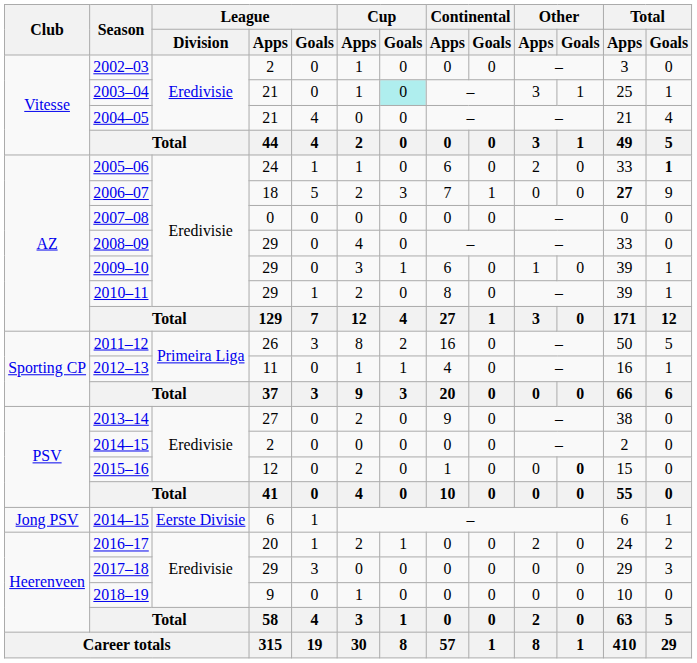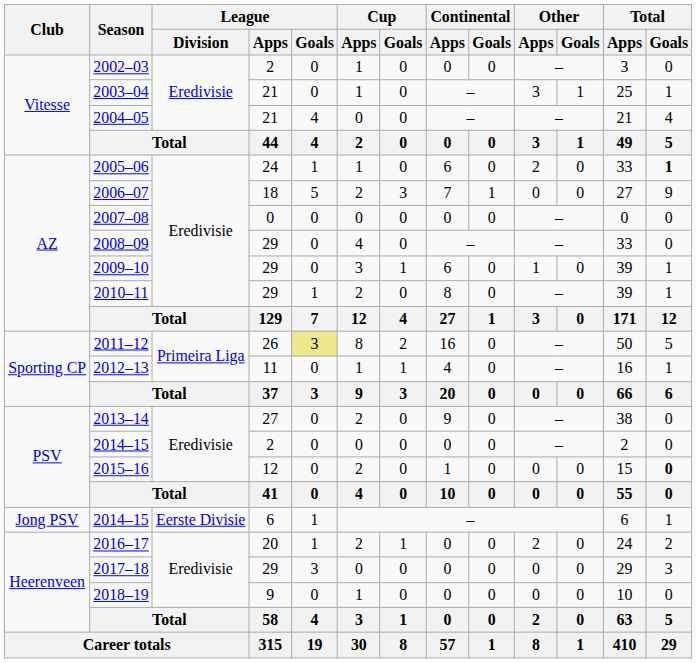 <table class="wikitable" style="text-align: center;">
 <tr>
 <th rowspan="2">Club</th>
 <th rowspan="2">Season</th>
 <th colspan="3">League</th>
 <th colspan="2">Cup</th>
 <th colspan="2">Continental</th>
 <th colspan="2">Other</th>
 <th colspan="2">Total</th>
 </tr>
 <tr>
 <th>Division</th>
 <th>Apps</th>
 <th>Goals</th>
 <th>Apps</th>
 <th>Goals</th>
 <th>Apps</th>
 <th>Goals</th>
 <th>Apps</th>
 <th>Goals</th>
 <th>Apps</th>
 <th>Goals</th>
 </tr>
 <tr>
 <td rowspan="4"><a href='#'>Vitesse</a></td>
 <td><a href='#'>2002–03</a></td>
 <td rowspan="3"><a href='#'>Eredivisie</a></td>
 <td>2</td>
 <td>0</td>
 <td>1</td>
 <td>0</td>
 <td>0</td>
 <td>0</td>
 <td colspan="2">–</td>
 <td>3</td>
 <td>0</td>
 </tr>
 <tr>
 <td><a href='#'>2003–04</a></td>
 <td>21</td>
 <td>0</td>
 <td>1</td>
-<td style="background: paleturquoise;">0</td>
+<td>0</td>
 <td colspan="2">–</td>
 <td>3</td>
 <td>1</td>
 <td>25</td>
 <td>1</td>
 </tr>
 <tr>
 <td><a href='#'>2004–05</a></td>
 <td>21</td>
 <td>4</td>
 <td>0</td>
 <td>0</td>
 <td colspan="2">–</td>
 <td colspan="2">–</td>
 <td>21</td>
 <td>4</td>
 </tr>
 <tr>
 <th colspan="2">Total</th>
 <th>44</th>
 <th>4</th>
 <th>2</th>
 <th>0</th>
 <th>0</th>
 <th>0</th>
 <th>3</th>
 <th>1</th>
 <th>49</th>
 <th>5</th>
 </tr>
 <tr>
 <td rowspan="7"><a href='#'>AZ</a></td>
 <td><a href='#'>2005–06</a></td>
 <td rowspan="6">Eredivisie</td>
 <td>24</td>
 <td>1</td>
 <td>1</td>
 <td>0</td>
 <td>6</td>
 <td>0</td>
 <td>2</td>
 <td>0</td>
 <td>33</td>
 <td><strong>1</strong></td>
 </tr>
 <tr>
 <td><a href='#'>2006–07</a></td>
 <td>18</td>
 <td>5</td>
 <td>2</td>
 <td>3</td>
 <td>7</td>
 <td>1</td>
 <td>0</td>
 <td>0</td>
-<td><strong>27</strong></td>
+<td>27</td>
 <td>9</td>
 </tr>
 <tr>
 <td><a href='#'>2007–08</a></td>
 <td>0</td>
 <td>0</td>
 <td>0</td>
 <td>0</td>
 <td>0</td>
 <td>0</td>
 <td colspan="2">–</td>
 <td>0</td>
 <td>0</td>
 </tr>
 <tr>
 <td><a href='#'>2008–09</a></td>
 <td>29</td>
 <td>0</td>
 <td>4</td>
 <td>0</td>
 <td colspan="2">–</td>
 <td colspan="2">–</td>
 <td>33</td>
 <td>0</td>
 </tr>
 <tr>
 <td><a href='#'>2009–10</a></td>
 <td>29</td>
 <td>0</td>
 <td>3</td>
 <td>1</td>
 <td>6</td>
 <td>0</td>
 <td>1</td>
 <td>0</td>
 <td>39</td>
 <td>1</td>
 </tr>
 <tr>
 <td><a href='#'>2010–11</a></td>
 <td>29</td>
 <td>1</td>
 <td>2</td>
 <td>0</td>
 <td>8</td>
 <td>0</td>
 <td colspan="2">–</td>
 <td>39</td>
 <td>1</td>
 </tr>
 <tr>
 <th colspan="2">Total</th>
 <th>129</th>
 <th>7</th>
 <th>12</th>
 <th>4</th>
 <th>27</th>
 <th>1</th>
 <th>3</th>
 <th>0</th>
 <th>171</th>
 <th>12</th>
 </tr>
 <tr>
 <td rowspan="3"><a href='#'>Sporting CP</a></td>
 <td><a href='#'>2011–12</a></td>
 <td rowspan="2"><a href='#'>Primeira Liga</a></td>
 <td>26</td>
-<td>3</td>
+<td style="background: khaki;">3</td>
 <td>8</td>
 <td>2</td>
 <td>16</td>
 <td>0</td>
 <td colspan="2">–</td>
 <td>50</td>
 <td>5</td>
 </tr>
 <tr>
 <td><a href='#'>2012–13</a></td>
 <td>11</td>
 <td>0</td>
 <td>1</td>
 <td>1</td>
 <td>4</td>
 <td>0</td>
 <td colspan="2">–</td>
 <td>16</td>
 <td>1</td>
 </tr>
 <tr>
 <th colspan="2">Total</th>
 <th>37</th>
 <th>3</th>
 <th>9</th>
 <th>3</th>
 <th>20</th>
 <th>0</th>
 <th>0</th>
 <th>0</th>
 <th>66</th>
 <th>6</th>
 </tr>
 <tr>
 <td rowspan="4"><a href='#'>PSV</a></td>
 <td><a href='#'>2013–14</a></td>
 <td rowspan="3">Eredivisie</td>
 <td>27</td>
 <td>0</td>
 <td>2</td>
 <td>0</td>
 <td>9</td>
 <td>0</td>
 <td colspan="2">–</td>
 <td>38</td>
 <td>0</td>
 </tr>
 <tr>
 <td><a href='#'>2014–15</a></td>
 <td>2</td>
 <td>0</td>
 <td>0</td>
 <td>0</td>
 <td>0</td>
 <td>0</td>
 <td colspan="2">–</td>
 <td>2</td>
 <td>0</td>
 </tr>
 <tr>
 <td><a href='#'>2015–16</a></td>
 <td>12</td>
 <td>0</td>
 <td>2</td>
 <td>0</td>
 <td>1</td>
 <td>0</td>
 <td>0</td>
+<td>0</td>
+<td>15</td>
 <td><strong>0</strong></td>
-<td>15</td>
-<td>0</td>
 </tr>
 <tr>
 <th colspan="2">Total</th>
 <th>41</th>
 <th>0</th>
 <th>4</th>
 <th>0</th>
 <th>10</th>
 <th>0</th>
 <th>0</th>
 <th>0</th>
 <th>55</th>
 <th>0</th>
 </tr>
 <tr>
 <td><a href='#'>Jong PSV</a></td>
 <td><a href='#'>2014–15</a></td>
 <td><a href='#'>Eerste Divisie</a></td>
 <td>6</td>
 <td>1</td>
 <td colspan="6">–</td>
 <td>6</td>
 <td>1</td>
 </tr>
 <tr>
 <td rowspan="4"><a href='#'>Heerenveen</a></td>
 <td><a href='#'>2016–17</a></td>
 <td rowspan="3">Eredivisie</td>
 <td>20</td>
 <td>1</td>
 <td>2</td>
 <td>1</td>
 <td>0</td>
 <td>0</td>
 <td>2</td>
 <td>0</td>
 <td>24</td>
 <td>2</td>
 </tr>
 <tr>
 <td><a href='#'>2017–18</a></td>
 <td>29</td>
 <td>3</td>
 <td>0</td>
 <td>0</td>
 <td>0</td>
 <td>0</td>
 <td>0</td>
 <td>0</td>
 <td>29</td>
 <td>3</td>
 </tr>
 <tr>
 <td><a href='#'>2018–19</a></td>
 <td>9</td>
 <td>0</td>
 <td>1</td>
 <td>0</td>
 <td>0</td>
 <td>0</td>
 <td>0</td>
 <td>0</td>
 <td>10</td>
 <td>0</td>
 </tr>
 <tr>
 <th colspan="2">Total</th>
 <th>58</th>
 <th>4</th>
 <th>3</th>
 <th>1</th>
 <th>0</th>
 <th>0</th>
 <th>2</th>
 <th>0</th>
 <th>63</th>
 <th>5</th>
 </tr>
 <tr>
 <th colspan="3">Career totals</th>
 <th>315</th>
 <th>19</th>
 <th>30</th>
 <th>8</th>
 <th>57</th>
 <th>1</th>
 <th>8</th>
 <th>1</th>
 <th>410</th>
 <th>29</th>
 </tr>
 </table>
